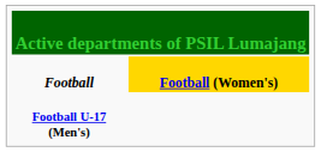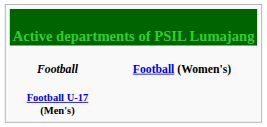 <table class="infobox" style="font-size: 88%; width: 22em; text-align: center">
 <tr>
 <th colspan=3 style="font-size: 125%; background-color:#006400; color:#32CD32; text-align:center;"><br>Active departments of PSIL Lumajang</th>
 </tr>
 <tr style="text-align: center">
 <td><br><strong><em>Football</em></strong></td>
-<td style="background: gold;"><br><strong><a href='#'>Football</a> (Women's)</strong></td>
+<td><br><strong><a href='#'>Football</a> (Women's)</strong></td>
 </tr>
 <tr style="font-size: 90%; text-align: center">
 <td><br><strong><a href='#'>Football U-17</a><br> (Men's)</strong></td>
 </tr>
 </table>
